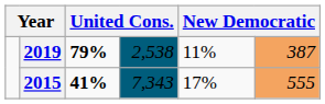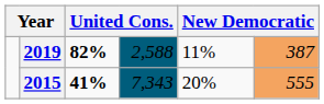 <table class="wikitable" style="float:right; width:400; font-size:90%; margin-left:1em;">
 <tr>
 <th colspan="2" scope="col">Year</th>
 <th colspan="2" scope="col"><a href='#'>United Cons.</a></th>
 <th colspan="2" scope="col"><a href='#'>New Democratic</a></th>
 </tr>
 <tr>
 <td rowspan="2" style="width: 0.25em; background-color: "></td>
 <th><a href='#'>2019</a></th>
-<td><span><strong>79%</strong></span></td>
-<td style="text-align:right; background:#005D7C;"><span><em>2,538</em></span></td>
+<td><span><strong>82%</strong></span></td>
+<td style="text-align:right; background:#005D7C;"><span><em>2,588</em></span></td>
 <td>11%</td>
 <td style="text-align:right; background:#F4A460;"><em>387</em></td>
 </tr>
 <tr>
 <th><a href='#'>2015</a></th>
 <td><span><strong>41%</strong></span></td>
 <td style="text-align:right; background:#005D7C;"><span><em>7,343</em></span></td>
-<td>17%</td>
+<td>20%</td>
 <td style="text-align:right; background:#F4A460;"><em>555</em></td>
 </tr>
 </table>
